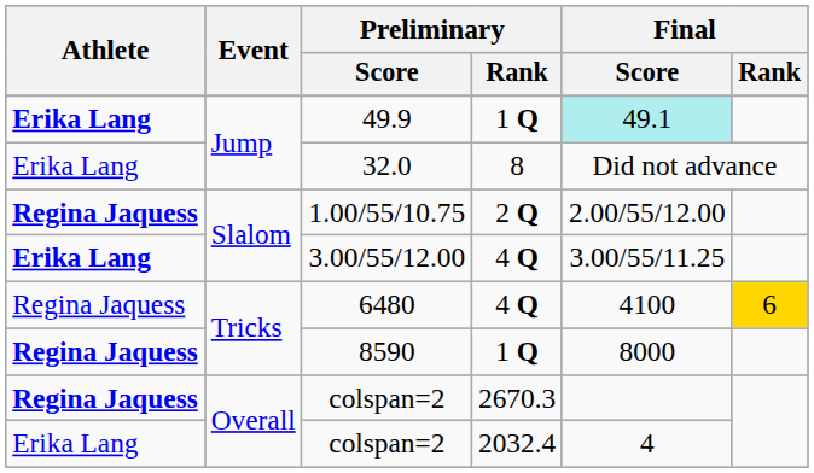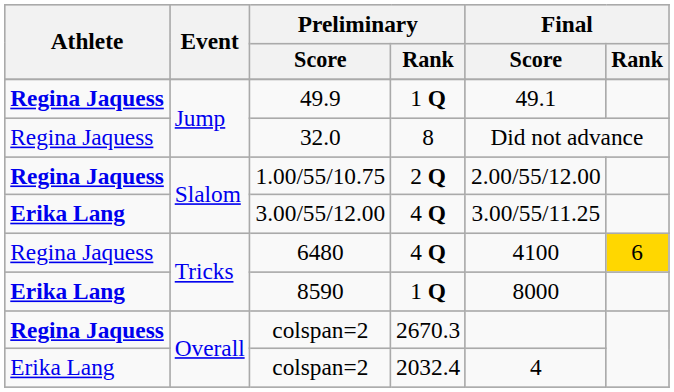 <table class=wikitable style="font-size:90%;">
 <tr>
 <th rowspan=2>Athlete</th>
 <th rowspan=2>Event</th>
 <th colspan=2>Preliminary</th>
 <th colspan=2>Final</th>
 </tr>
 <tr style="font-size:95%">
 <th>Score</th>
 <th>Rank</th>
 <th>Score</th>
 <th>Rank</th>
 </tr>
 <tr align=center>
 </tr>
 <tr align=center>
-<td align=left><strong><a href='#'>Erika Lang</a></strong></td>
+<td align=left><strong><a href='#'>Regina Jaquess</a></strong></td>
 <td align=left rowspan=2><a href='#'>Jump</a></td>
 <td>49.9</td>
 <td>1 <strong>Q</strong></td>
-<td style="background: paleturquoise;">49.1</td>
+<td>49.1</td>
 <td></td>
 </tr>
 <tr align=center>
-<td align=left><a href='#'>Erika Lang</a></td>
+<td align=left><a href='#'>Regina Jaquess</a></td>
 <td>32.0</td>
 <td>8</td>
 <td colspan=2>Did not advance</td>
 </tr>
 <tr align=center>
 <td align=left><strong><a href='#'>Regina Jaquess</a></strong></td>
 <td align=left rowspan=2><a href='#'>Slalom</a></td>
 <td>1.00/55/10.75</td>
 <td>2 <strong>Q</strong></td>
 <td>2.00/55/12.00</td>
 <td></td>
 </tr>
 <tr align=center>
 <td align=left><strong><a href='#'>Erika Lang</a></strong></td>
 <td>3.00/55/12.00</td>
 <td>4 <strong>Q</strong></td>
 <td>3.00/55/11.25</td>
 <td></td>
 </tr>
 <tr align=center>
 <td align=left><a href='#'>Regina Jaquess</a></td>
 <td align=left rowspan=2><a href='#'>Tricks</a></td>
 <td>6480</td>
 <td>4 <strong>Q</strong></td>
 <td>4100</td>
 <td style="background: gold;">6</td>
 </tr>
 <tr align=center>
-<td align=left><strong><a href='#'>Regina Jaquess</a></strong></td>
+<td align=left><strong><a href='#'>Erika Lang</a></strong></td>
 <td>8590</td>
 <td>1 <strong>Q</strong></td>
 <td>8000</td>
 <td></td>
 </tr>
 <tr align=center>
 <td align=left><strong><a href='#'>Regina Jaquess</a></strong></td>
 <td align=left rowspan=2><a href='#'>Overall</a></td>
 <td>colspan=2 </td>
 <td>2670.3</td>
 <td></td>
 </tr>
 <tr align=center>
 <td align=left><a href='#'>Erika Lang</a></td>
 <td>colspan=2 </td>
 <td>2032.4</td>
 <td>4</td>
 </tr>
 </table>
